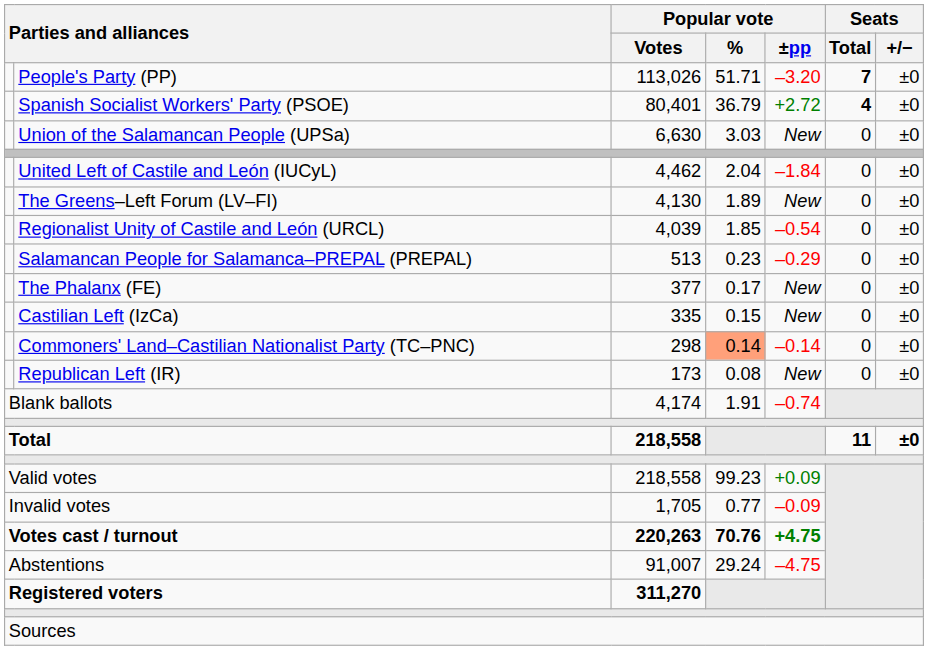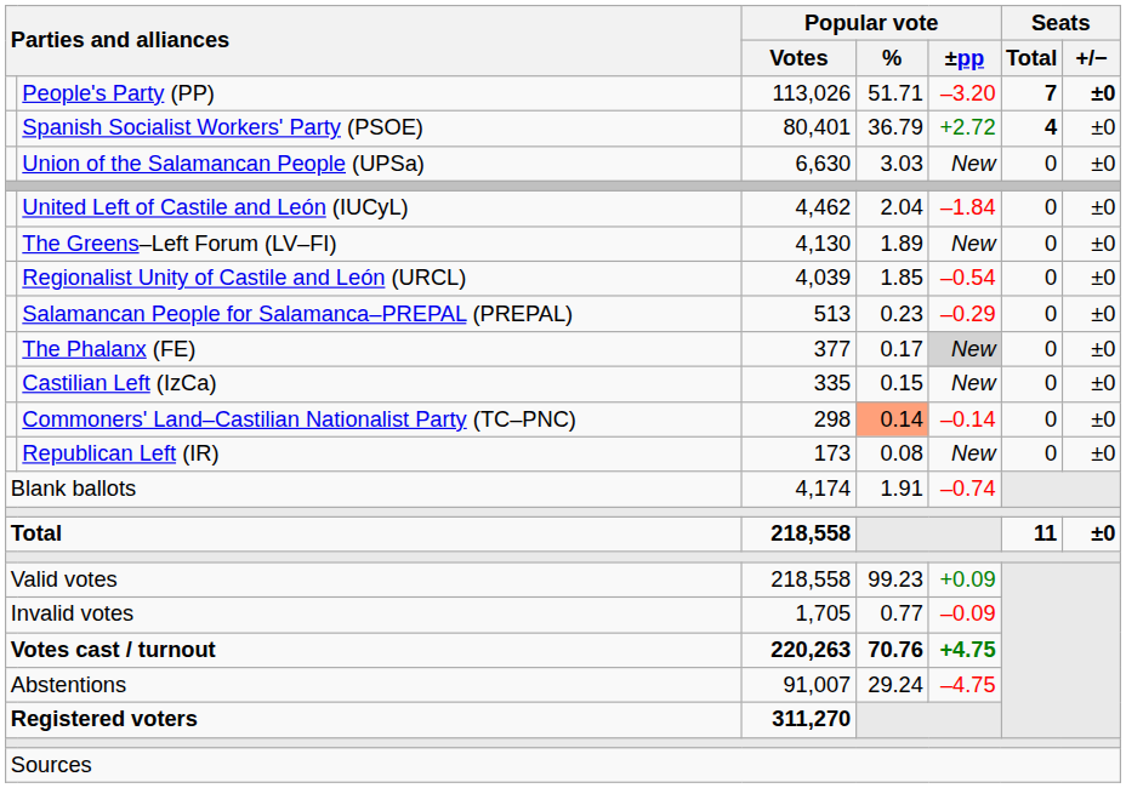 <table class="wikitable" style="text-align:right;">
 <tr>
 <th style="text-align:left;" rowspan="2" colspan="2" width="525">Parties and alliances</th>
 <th colspan="3">Popular vote</th>
 <th colspan="2">Seats</th>
 </tr>
 <tr>
 <th width="75">Votes</th>
 <th width="45">%</th>
 <th width="45">±<a href='#'>pp</a></th>
 <th width="35">Total</th>
 <th width="35">+/−</th>
 </tr>
 <tr>
 <td width="1" style="color:inherit;background:"></td>
 <td align="left"><a href='#'>People's Party</a> (PP)</td>
 <td>113,026</td>
 <td>51.71</td>
 <td style="color:red;">–3.20</td>
 <td><strong>7</strong></td>
-<td>±0</td>
+<td><strong>±0</strong></td>
 </tr>
 <tr>
 <td style="color:inherit;background:"></td>
 <td align="left"><a href='#'>Spanish Socialist Workers' Party</a> (PSOE)</td>
 <td>80,401</td>
 <td>36.79</td>
 <td style="color:green;">+2.72</td>
 <td><strong>4</strong></td>
 <td>±0</td>
 </tr>
 <tr>
 <td style="color:inherit;background:"></td>
 <td align="left"><a href='#'>Union of the Salamancan People</a> (UPSa)</td>
 <td>6,630</td>
 <td>3.03</td>
 <td><em>New</em></td>
 <td>0</td>
 <td>±0</td>
 </tr>
 <tr>
 <td colspan="7" bgcolor="#C0C0C0"></td>
 </tr>
 <tr>
 <td style="color:inherit;background:"></td>
 <td align="left"><a href='#'>United Left of Castile and León</a> (IUCyL)</td>
 <td>4,462</td>
 <td>2.04</td>
 <td style="color:red;">–1.84</td>
 <td>0</td>
 <td>±0</td>
 </tr>
 <tr>
 <td style="color:inherit;background:"></td>
 <td align="left"><a href='#'>The Greens</a>–Left Forum (LV–FI)</td>
 <td>4,130</td>
 <td>1.89</td>
 <td><em>New</em></td>
 <td>0</td>
 <td>±0</td>
 </tr>
 <tr>
 <td style="color:inherit;background:"></td>
 <td align="left"><a href='#'>Regionalist Unity of Castile and León</a> (URCL)</td>
 <td>4,039</td>
 <td>1.85</td>
 <td style="color:red;">–0.54</td>
 <td>0</td>
 <td>±0</td>
 </tr>
 <tr>
 <td style="color:inherit;background:"></td>
 <td align="left"><a href='#'>Salamancan People for Salamanca–PREPAL</a> (PREPAL)</td>
 <td>513</td>
 <td>0.23</td>
 <td style="color:red;">–0.29</td>
 <td>0</td>
 <td>±0</td>
 </tr>
 <tr>
 <td style="color:inherit;background:"></td>
 <td align="left"><a href='#'>The Phalanx</a> (FE)</td>
 <td>377</td>
 <td>0.17</td>
-<td><em>New</em></td>
+<td style="background: lightgrey;"><em>New</em></td>
 <td>0</td>
 <td>±0</td>
 </tr>
 <tr>
 <td style="color:inherit;background:"></td>
 <td align="left"><a href='#'>Castilian Left</a> (IzCa)</td>
 <td>335</td>
 <td>0.15</td>
 <td><em>New</em></td>
 <td>0</td>
 <td>±0</td>
 </tr>
 <tr>
 <td style="color:inherit;background:"></td>
 <td align="left"><a href='#'>Commoners' Land–Castilian Nationalist Party</a> (TC–PNC)</td>
 <td>298</td>
 <td style="background: lightsalmon;">0.14</td>
 <td style="color:red;">–0.14</td>
 <td>0</td>
 <td>±0</td>
 </tr>
 <tr>
 <td style="color:inherit;background:"></td>
 <td align="left"><a href='#'>Republican Left</a> (IR)</td>
 <td>173</td>
 <td>0.08</td>
 <td><em>New</em></td>
 <td>0</td>
 <td>±0</td>
 </tr>
 <tr>
 <td align="left" colspan="2">Blank ballots</td>
 <td>4,174</td>
 <td>1.91</td>
 <td style="color:red;">–0.74</td>
 <td bgcolor="#E9E9E9" colspan="2"></td>
 </tr>
 <tr>
 <td colspan="7" bgcolor="#E9E9E9"></td>
 </tr>
 <tr style="font-weight:bold;">
 <td align="left" colspan="2">Total</td>
 <td>218,558</td>
 <td bgcolor="#E9E9E9" colspan="2"></td>
 <td>11</td>
 <td>±0</td>
 </tr>
 <tr>
 <td colspan="7" bgcolor="#E9E9E9"></td>
 </tr>
 <tr>
 <td align="left" colspan="2">Valid votes</td>
 <td>218,558</td>
 <td>99.23</td>
 <td style="color:green;">+0.09</td>
 <td bgcolor="#E9E9E9" colspan="2" rowspan="5"></td>
 </tr>
 <tr>
 <td align="left" colspan="2">Invalid votes</td>
 <td>1,705</td>
 <td>0.77</td>
 <td style="color:red;">–0.09</td>
 </tr>
 <tr style="font-weight:bold;">
 <td align="left" colspan="2">Votes cast / turnout</td>
 <td>220,263</td>
 <td>70.76</td>
 <td style="color:green;">+4.75</td>
 </tr>
 <tr>
 <td align="left" colspan="2">Abstentions</td>
 <td>91,007</td>
 <td>29.24</td>
 <td style="color:red;">–4.75</td>
 </tr>
 <tr style="font-weight:bold;">
 <td align="left" colspan="2">Registered voters</td>
 <td>311,270</td>
 <td bgcolor="#E9E9E9" colspan="2"></td>
 </tr>
 <tr>
 <td colspan="7" bgcolor="#E9E9E9"></td>
 </tr>
 <tr>
 <td align="left" colspan="7">Sources</td>
 </tr>
 </table>
